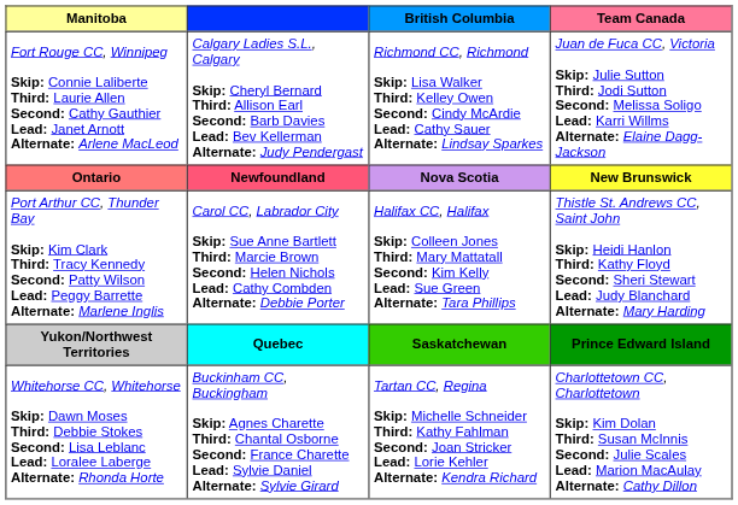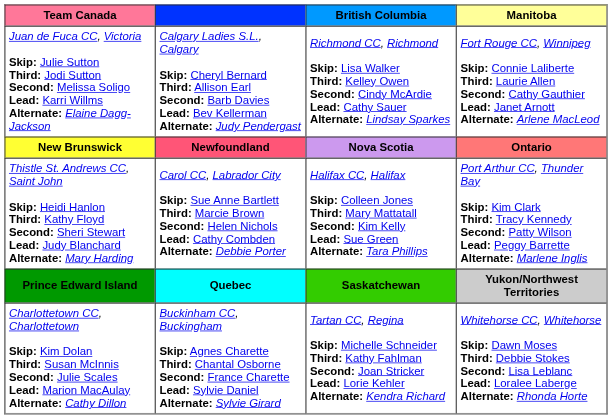 <table border=1 cellpadding=5 cellspacing=0>
 <tr>
-<th bgcolor="#ffff99" width="200">Manitoba</th>
+<th bgcolor="#ff7799" width="200">Team Canada</th>
 <th bgcolor="#0033ff" width="200"></th>
 <th bgcolor="#0099ff" width="200">British Columbia</th>
-<th bgcolor="#ff7799" width="200">Team Canada</th>
+<th bgcolor="#ffff99" width="200">Manitoba</th>
 </tr>
 <tr align=center>
-<td align=left><em><a href='#'>Fort Rouge CC</a>, <a href='#'>Winnipeg</a></em> <br><br><strong>Skip:</strong>  <a href='#'>Connie Laliberte</a><br> <strong>Third:</strong> <a href='#'>Laurie Allen</a><br> <strong>Second:</strong> <a href='#'>Cathy Gauthier</a><br> <strong>Lead:</strong> <a href='#'>Janet Arnott</a><br> <strong>Alternate:</strong> <em><a href='#'>Arlene MacLeod</a></em></td>
+<td align=left><em><a href='#'>Juan de Fuca CC</a>, <a href='#'>Victoria</a></em> <br><br><strong>Skip:</strong>  <a href='#'>Julie Sutton</a><br> <strong>Third:</strong> <a href='#'>Jodi Sutton</a><br> <strong>Second:</strong> <a href='#'>Melissa Soligo</a><br> <strong>Lead:</strong> <a href='#'>Karri Willms</a><br> <strong>Alternate:</strong> <em><a href='#'>Elaine Dagg-Jackson</a></em></td>
 <td align=left><em><a href='#'>Calgary Ladies S.L.</a>, <a href='#'>Calgary</a></em> <br><br><strong>Skip:</strong>  <a href='#'>Cheryl Bernard</a><br> <strong>Third:</strong> <a href='#'>Allison Earl</a><br> <strong>Second:</strong> <a href='#'>Barb Davies</a><br> <strong>Lead:</strong> <a href='#'>Bev Kellerman</a><br> <strong>Alternate:</strong> <em><a href='#'>Judy Pendergast</a></em></td>
 <td align=left><em><a href='#'>Richmond CC</a>, <a href='#'>Richmond</a></em> <br><br><strong>Skip:</strong>  <a href='#'>Lisa Walker</a><br> <strong>Third:</strong> <a href='#'>Kelley Owen</a><br> <strong>Second:</strong> <a href='#'>Cindy McArdie</a><br> <strong>Lead:</strong> <a href='#'>Cathy Sauer</a><br> <strong>Alternate:</strong> <em><a href='#'>Lindsay Sparkes</a></em></td>
-<td align=left><em><a href='#'>Juan de Fuca CC</a>, <a href='#'>Victoria</a></em> <br><br><strong>Skip:</strong>  <a href='#'>Julie Sutton</a><br> <strong>Third:</strong> <a href='#'>Jodi Sutton</a><br> <strong>Second:</strong> <a href='#'>Melissa Soligo</a><br> <strong>Lead:</strong> <a href='#'>Karri Willms</a><br> <strong>Alternate:</strong> <em><a href='#'>Elaine Dagg-Jackson</a></em></td>
+<td align=left><em><a href='#'>Fort Rouge CC</a>, <a href='#'>Winnipeg</a></em> <br><br><strong>Skip:</strong>  <a href='#'>Connie Laliberte</a><br> <strong>Third:</strong> <a href='#'>Laurie Allen</a><br> <strong>Second:</strong> <a href='#'>Cathy Gauthier</a><br> <strong>Lead:</strong> <a href='#'>Janet Arnott</a><br> <strong>Alternate:</strong> <em><a href='#'>Arlene MacLeod</a></em></td>
 </tr>
 <tr border=1 cellpadding=5 cellspacing=0>
-<th bgcolor="#ff7777" width="200">Ontario</th>
+<th bgcolor="#ffff33" width="200">New Brunswick</th>
 <th bgcolor="#ff5577" width="200">Newfoundland</th>
 <th bgcolor="#cc99ee" width="200">Nova Scotia</th>
-<th bgcolor="#ffff33" width="200">New Brunswick</th>
+<th bgcolor="#ff7777" width="200">Ontario</th>
 </tr>
 <tr align=center>
-<td align=left><em><a href='#'>Port Arthur CC</a>, <a href='#'>Thunder Bay</a></em> <br><br><strong>Skip:</strong>  <a href='#'>Kim Clark</a><br> <strong>Third:</strong> <a href='#'>Tracy Kennedy</a><br> <strong>Second:</strong> <a href='#'>Patty Wilson</a><br> <strong>Lead:</strong> <a href='#'>Peggy Barrette</a><br> <strong>Alternate:</strong> <em><a href='#'>Marlene Inglis</a></em></td>
+<td align=left><em><a href='#'>Thistle St. Andrews CC</a>, <a href='#'>Saint John</a></em> <br><br><strong>Skip:</strong>  <a href='#'>Heidi Hanlon</a><br> <strong>Third:</strong> <a href='#'>Kathy Floyd</a><br> <strong>Second:</strong> <a href='#'>Sheri Stewart</a><br> <strong>Lead:</strong> <a href='#'>Judy Blanchard</a><br> <strong>Alternate:</strong> <em><a href='#'>Mary Harding</a></em></td>
 <td align=left><em><a href='#'>Carol CC</a>, <a href='#'>Labrador City</a></em> <br><br><strong>Skip:</strong>  <a href='#'>Sue Anne Bartlett</a> <br> <strong>Third:</strong> <a href='#'>Marcie Brown</a><br> <strong>Second:</strong> <a href='#'>Helen Nichols</a><br> <strong>Lead:</strong> <a href='#'>Cathy Combden</a><br> <strong>Alternate:</strong> <em><a href='#'>Debbie Porter</a></em></td>
 <td align=left><em><a href='#'>Halifax CC</a>, <a href='#'>Halifax</a></em> <br><br><strong>Skip:</strong>  <a href='#'>Colleen Jones</a><br> <strong>Third:</strong> <a href='#'>Mary Mattatall</a><br> <strong>Second:</strong> <a href='#'>Kim Kelly</a><br> <strong>Lead:</strong> <a href='#'>Sue Green</a><br> <strong>Alternate:</strong> <em><a href='#'>Tara Phillips</a></em></td>
-<td align=left><em><a href='#'>Thistle St. Andrews CC</a>, <a href='#'>Saint John</a></em> <br><br><strong>Skip:</strong>  <a href='#'>Heidi Hanlon</a><br> <strong>Third:</strong> <a href='#'>Kathy Floyd</a><br> <strong>Second:</strong> <a href='#'>Sheri Stewart</a><br> <strong>Lead:</strong> <a href='#'>Judy Blanchard</a><br> <strong>Alternate:</strong> <em><a href='#'>Mary Harding</a></em></td>
+<td align=left><em><a href='#'>Port Arthur CC</a>, <a href='#'>Thunder Bay</a></em> <br><br><strong>Skip:</strong>  <a href='#'>Kim Clark</a><br> <strong>Third:</strong> <a href='#'>Tracy Kennedy</a><br> <strong>Second:</strong> <a href='#'>Patty Wilson</a><br> <strong>Lead:</strong> <a href='#'>Peggy Barrette</a><br> <strong>Alternate:</strong> <em><a href='#'>Marlene Inglis</a></em></td>
 </tr>
 <tr border=1 cellpadding=5 cellspacing=0>
-<th bgcolor="#cccccc" width="200">Yukon/Northwest Territories</th>
+<th bgcolor="#009900" width="200">Prince Edward Island</th>
 <th bgcolor="#00ffff" width="200">Quebec</th>
 <th bgcolor="#33cc00" width="200">Saskatchewan</th>
-<th bgcolor="#009900" width="200">Prince Edward Island</th>
+<th bgcolor="#cccccc" width="200">Yukon/Northwest Territories</th>
 </tr>
 <tr align=center>
-<td align=left><em><a href='#'>Whitehorse CC</a>, <a href='#'>Whitehorse</a></em> <br><br><strong>Skip:</strong>  <a href='#'>Dawn Moses</a><br> <strong>Third:</strong> <a href='#'>Debbie Stokes</a><br> <strong>Second:</strong> <a href='#'>Lisa Leblanc</a><br> <strong>Lead:</strong> <a href='#'>Loralee Laberge</a><br> <strong>Alternate:</strong> <em><a href='#'>Rhonda Horte</a></em></td>
+<td align=left><em><a href='#'>Charlottetown CC</a>, <a href='#'>Charlottetown</a></em> <br><br><strong>Skip:</strong>  <a href='#'>Kim Dolan</a><br> <strong>Third:</strong> <a href='#'>Susan McInnis</a><br> <strong>Second:</strong> <a href='#'>Julie Scales</a><br> <strong>Lead:</strong> <a href='#'>Marion MacAulay</a><br> <strong>Alternate:</strong> <em><a href='#'>Cathy Dillon</a></em></td>
 <td align=left><em><a href='#'>Buckinham CC</a>, <a href='#'>Buckingham</a></em><br><br><strong>Skip:</strong>  <a href='#'>Agnes Charette</a><br> <strong>Third:</strong> <a href='#'>Chantal Osborne</a><br> <strong>Second:</strong> <a href='#'>France Charette</a><br> <strong>Lead:</strong> <a href='#'>Sylvie Daniel</a><br> <strong>Alternate:</strong> <em><a href='#'>Sylvie Girard</a></em></td>
 <td align=left><em><a href='#'>Tartan CC</a>, <a href='#'>Regina</a></em> <br><br><strong>Skip:</strong>  <a href='#'>Michelle Schneider</a><br> <strong>Third:</strong> <a href='#'>Kathy Fahlman</a><br> <strong>Second:</strong> <a href='#'>Joan Stricker</a><br> <strong>Lead:</strong> <a href='#'>Lorie Kehler</a><br> <strong>Alternate:</strong> <em><a href='#'>Kendra Richard</a></em></td>
-<td align=left><em><a href='#'>Charlottetown CC</a>, <a href='#'>Charlottetown</a></em> <br><br><strong>Skip:</strong>  <a href='#'>Kim Dolan</a><br> <strong>Third:</strong> <a href='#'>Susan McInnis</a><br> <strong>Second:</strong> <a href='#'>Julie Scales</a><br> <strong>Lead:</strong> <a href='#'>Marion MacAulay</a><br> <strong>Alternate:</strong> <em><a href='#'>Cathy Dillon</a></em></td>
+<td align=left><em><a href='#'>Whitehorse CC</a>, <a href='#'>Whitehorse</a></em> <br><br><strong>Skip:</strong>  <a href='#'>Dawn Moses</a><br> <strong>Third:</strong> <a href='#'>Debbie Stokes</a><br> <strong>Second:</strong> <a href='#'>Lisa Leblanc</a><br> <strong>Lead:</strong> <a href='#'>Loralee Laberge</a><br> <strong>Alternate:</strong> <em><a href='#'>Rhonda Horte</a></em></td>
 </tr>
 </table>
